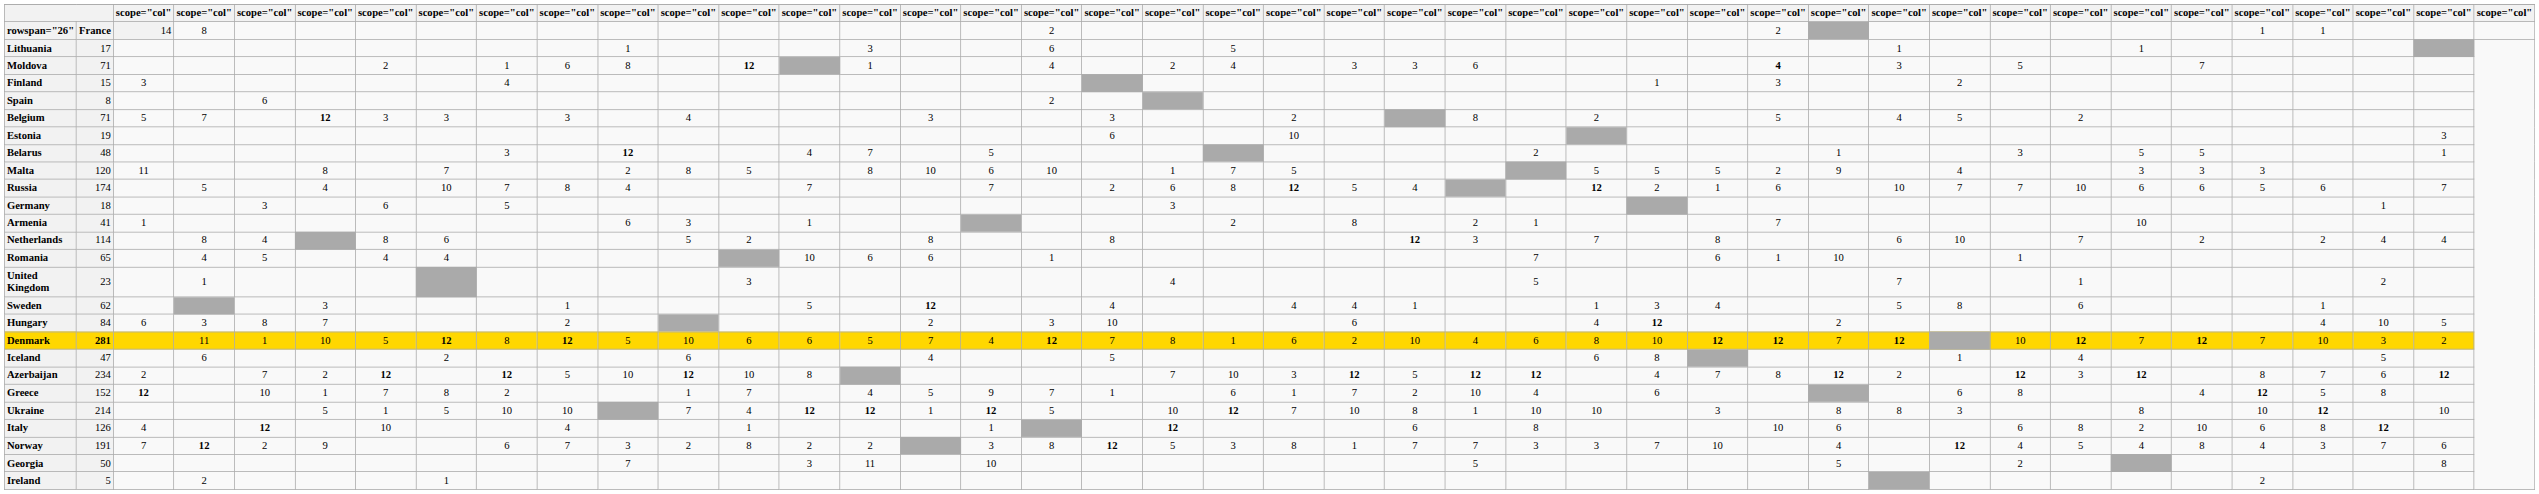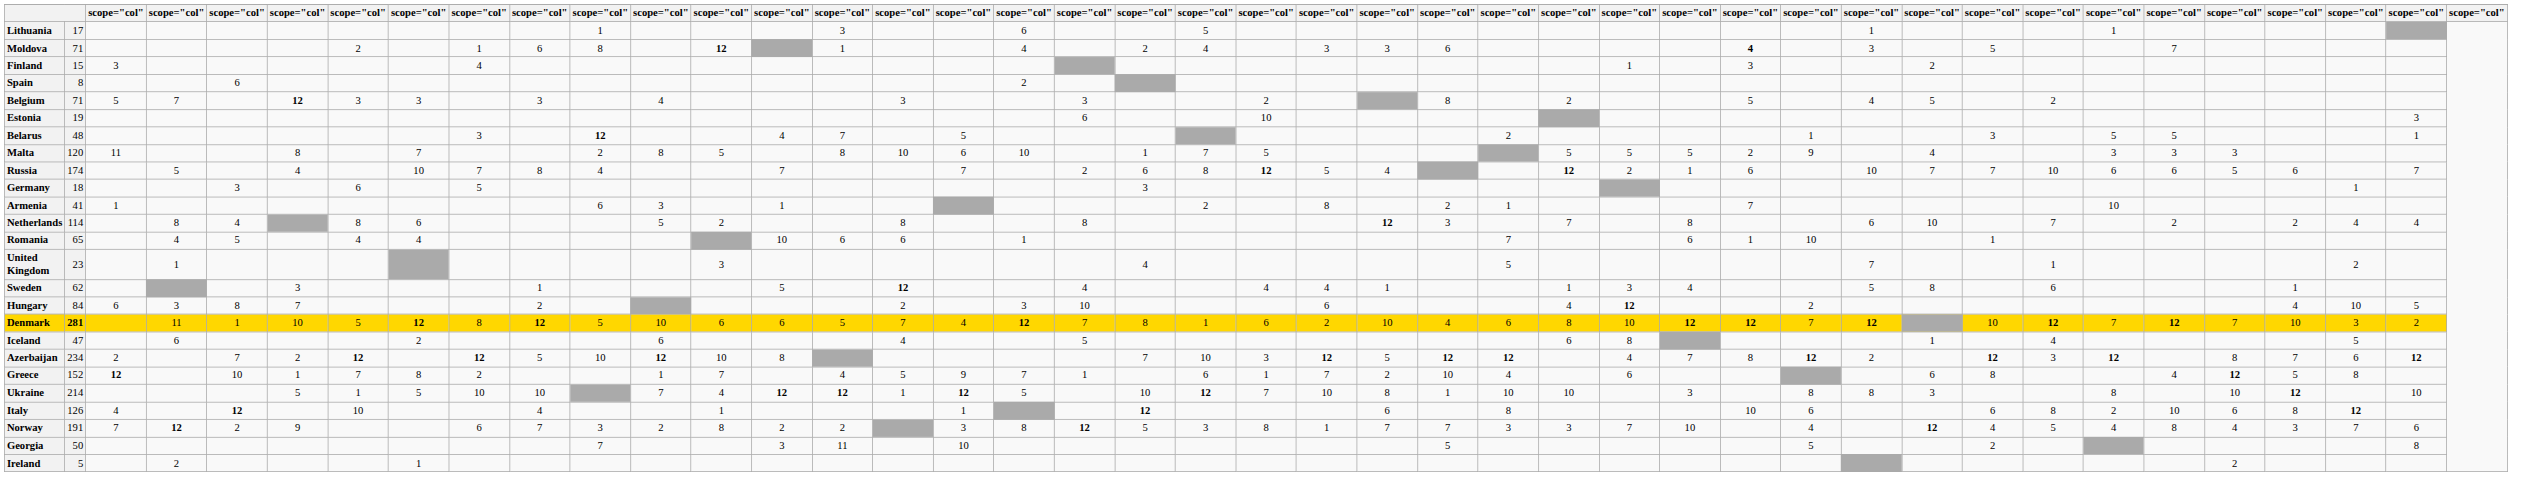 <table class="wikitable plainrowheaders" style="text-align:center; font-size:85%;">
 <tr>
 </tr>
 <tr>
 <th colspan="2"></th>
 <th>scope="col" </th>
 <th>scope="col" </th>
 <th>scope="col" </th>
 <th>scope="col" </th>
 <th>scope="col" </th>
 <th>scope="col" </th>
 <th>scope="col" </th>
 <th>scope="col" </th>
 <th>scope="col" </th>
 <th>scope="col" </th>
 <th>scope="col" </th>
 <th>scope="col" </th>
 <th>scope="col" </th>
 <th>scope="col" </th>
 <th>scope="col" </th>
 <th>scope="col" </th>
 <th>scope="col" </th>
 <th>scope="col" </th>
 <th>scope="col" </th>
 <th>scope="col" </th>
 <th>scope="col" </th>
 <th>scope="col" </th>
 <th>scope="col" </th>
 <th>scope="col" </th>
 <th>scope="col" </th>
 <th>scope="col" </th>
 <th>scope="col" </th>
 <th>scope="col" </th>
 <th>scope="col" </th>
 <th>scope="col" </th>
 <th>scope="col" </th>
 <th>scope="col" </th>
 <th>scope="col" </th>
 <th>scope="col" </th>
 <th>scope="col" </th>
 <th>scope="col" </th>
 <th>scope="col" </th>
 <th>scope="col" </th>
 <th>scope="col" </th>
 <th>scope="col" </th>
-</tr>
-<tr>
-<th>rowspan="26" </th>
-<th scope="row" style="text-align:left; background:#f2f2f2;">France</th>
-<td style="text-align:right; background:#f2f2f2;">14</td>
-<td>8</td>
-<td></td>
-<td></td>
-<td></td>
-<td></td>
-<td></td>
-<td></td>
-<td></td>
-<td></td>
-<td></td>
-<td></td>
-<td></td>
-<td></td>
-<td></td>
-<td>2</td>
-<td></td>
-<td></td>
-<td></td>
-<td></td>
-<td></td>
-<td></td>
-<td></td>
-<td></td>
-<td></td>
-<td></td>
-<td></td>
-<td>2</td>
-<td style="text-align:left; background:#aaa;"></td>
-<td></td>
-<td></td>
-<td></td>
-<td></td>
-<td></td>
-<td></td>
-<td>1</td>
-<td>1</td>
-<td></td>
-<td></td>
-<td></td>
 </tr>
 <tr>
 <th scope="row" style="text-align:left; background:#f2f2f2;">Lithuania</th>
 <td style="text-align:right; background:#f2f2f2;">17</td>
 <td></td>
 <td></td>
 <td></td>
 <td></td>
 <td></td>
 <td></td>
 <td></td>
 <td></td>
 <td>1</td>
 <td></td>
 <td></td>
 <td></td>
 <td>3</td>
 <td></td>
 <td></td>
 <td>6</td>
 <td></td>
 <td></td>
 <td>5</td>
 <td></td>
 <td></td>
 <td></td>
 <td></td>
 <td></td>
 <td></td>
 <td></td>
 <td></td>
 <td></td>
 <td></td>
 <td>1</td>
 <td></td>
 <td></td>
 <td></td>
 <td>1</td>
 <td></td>
 <td></td>
 <td></td>
 <td></td>
 <td style="text-align:left; background:#aaa;"></td>
 </tr>
 <tr>
 <th scope="row" style="text-align:left; background:#f2f2f2;">Moldova</th>
 <td style="text-align:right; background:#f2f2f2;">71</td>
 <td></td>
 <td></td>
 <td></td>
 <td></td>
 <td>2</td>
 <td></td>
 <td>1</td>
 <td>6</td>
 <td>8</td>
 <td></td>
 <td><strong>12</strong></td>
 <td style="text-align:left; background:#aaa;"></td>
 <td>1</td>
 <td></td>
 <td></td>
 <td>4</td>
 <td></td>
 <td>2</td>
 <td>4</td>
 <td></td>
 <td>3</td>
 <td>3</td>
 <td>6</td>
 <td></td>
 <td></td>
 <td></td>
 <td></td>
 <td><strong>4</strong></td>
 <td></td>
 <td>3</td>
 <td></td>
 <td>5</td>
 <td></td>
 <td></td>
 <td>7</td>
 <td></td>
 <td></td>
 <td></td>
 <td></td>
 </tr>
 <tr>
 <th scope="row" style="text-align:left; background:#f2f2f2;">Finland</th>
 <td style="text-align:right; background:#f2f2f2;">15</td>
 <td>3</td>
 <td></td>
 <td></td>
 <td></td>
 <td></td>
 <td></td>
 <td>4</td>
 <td></td>
 <td></td>
 <td></td>
 <td></td>
 <td></td>
 <td></td>
 <td></td>
 <td></td>
 <td></td>
 <td style="text-align:left; background:#aaa;"></td>
 <td></td>
 <td></td>
 <td></td>
 <td></td>
 <td></td>
 <td></td>
 <td></td>
 <td></td>
 <td>1</td>
 <td></td>
 <td>3</td>
 <td></td>
 <td></td>
 <td>2</td>
 <td></td>
 <td></td>
 <td></td>
 <td></td>
 <td></td>
 <td></td>
 <td></td>
 <td></td>
 </tr>
 <tr>
 <th scope="row" style="text-align:left; background:#f2f2f2;">Spain</th>
 <td style="text-align:right; background:#f2f2f2;">8</td>
 <td></td>
 <td></td>
 <td>6</td>
 <td></td>
 <td></td>
 <td></td>
 <td></td>
 <td></td>
 <td></td>
 <td></td>
 <td></td>
 <td></td>
 <td></td>
 <td></td>
 <td></td>
 <td>2</td>
 <td></td>
 <td style="text-align:left; background:#aaa;"></td>
 <td></td>
 <td></td>
 <td></td>
 <td></td>
 <td></td>
 <td></td>
 <td></td>
 <td></td>
 <td></td>
 <td></td>
 <td></td>
 <td></td>
 <td></td>
 <td></td>
 <td></td>
 <td></td>
 <td></td>
 <td></td>
 <td></td>
 <td></td>
 <td></td>
 </tr>
 <tr>
 <th scope="row" style="text-align:left; background:#f2f2f2;">Belgium</th>
 <td style="text-align:right; background:#f2f2f2;">71</td>
 <td>5</td>
 <td>7</td>
 <td></td>
 <td><strong>12</strong></td>
 <td>3</td>
 <td>3</td>
 <td></td>
 <td>3</td>
 <td></td>
 <td>4</td>
 <td></td>
 <td></td>
 <td></td>
 <td>3</td>
 <td></td>
 <td></td>
 <td>3</td>
 <td></td>
 <td></td>
 <td>2</td>
 <td></td>
 <td style="text-align:left; background:#aaa;"></td>
 <td>8</td>
 <td></td>
 <td>2</td>
 <td></td>
 <td></td>
 <td>5</td>
 <td></td>
 <td>4</td>
 <td>5</td>
 <td></td>
 <td>2</td>
 <td></td>
 <td></td>
 <td></td>
 <td></td>
 <td></td>
 <td></td>
 </tr>
 <tr>
 <th scope="row" style="text-align:left; background:#f2f2f2;">Estonia</th>
 <td style="text-align:right; background:#f2f2f2;">19</td>
 <td></td>
 <td></td>
 <td></td>
 <td></td>
 <td></td>
 <td></td>
 <td></td>
 <td></td>
 <td></td>
 <td></td>
 <td></td>
 <td></td>
 <td></td>
 <td></td>
 <td></td>
 <td></td>
 <td>6</td>
 <td></td>
 <td></td>
 <td>10</td>
 <td></td>
 <td></td>
 <td></td>
 <td></td>
 <td style="text-align:left; background:#aaa;"></td>
 <td></td>
 <td></td>
 <td></td>
 <td></td>
 <td></td>
 <td></td>
 <td></td>
 <td></td>
 <td></td>
 <td></td>
 <td></td>
 <td></td>
 <td></td>
 <td>3</td>
 </tr>
 <tr>
 <th scope="row" style="text-align:left; background:#f2f2f2;">Belarus</th>
 <td style="text-align:right; background:#f2f2f2;">48</td>
 <td></td>
 <td></td>
 <td></td>
 <td></td>
 <td></td>
 <td></td>
 <td>3</td>
 <td></td>
 <td><strong>12</strong></td>
 <td></td>
 <td></td>
 <td>4</td>
 <td>7</td>
 <td></td>
 <td>5</td>
 <td></td>
 <td></td>
 <td></td>
 <td style="text-align:left; background:#aaa;"></td>
 <td></td>
 <td></td>
 <td></td>
 <td></td>
 <td>2</td>
 <td></td>
 <td></td>
 <td></td>
 <td></td>
 <td>1</td>
 <td></td>
 <td></td>
 <td>3</td>
 <td></td>
 <td>5</td>
 <td>5</td>
 <td></td>
 <td></td>
 <td></td>
 <td>1</td>
 </tr>
 <tr>
 <th scope="row" style="text-align:left; background:#f2f2f2;">Malta</th>
 <td style="text-align:right; background:#f2f2f2;">120</td>
 <td>11</td>
 <td></td>
 <td></td>
 <td>8</td>
 <td></td>
 <td>7</td>
 <td></td>
 <td></td>
 <td>2</td>
 <td>8</td>
 <td>5</td>
 <td></td>
 <td>8</td>
 <td>10</td>
 <td>6</td>
 <td>10</td>
 <td></td>
 <td>1</td>
 <td>7</td>
 <td>5</td>
 <td></td>
 <td></td>
 <td></td>
 <td style="text-align:left; background:#aaa;"></td>
 <td>5</td>
 <td>5</td>
 <td>5</td>
 <td>2</td>
 <td>9</td>
 <td></td>
 <td>4</td>
 <td></td>
 <td></td>
 <td>3</td>
 <td>3</td>
 <td>3</td>
 <td></td>
 <td></td>
 <td></td>
 </tr>
 <tr>
 <th scope="row" style="text-align:left; background:#f2f2f2;">Russia</th>
 <td style="text-align:right; background:#f2f2f2;">174</td>
 <td></td>
 <td>5</td>
 <td></td>
 <td>4</td>
 <td></td>
 <td>10</td>
 <td>7</td>
 <td>8</td>
 <td>4</td>
 <td></td>
 <td></td>
 <td>7</td>
 <td></td>
 <td></td>
 <td>7</td>
 <td></td>
 <td>2</td>
 <td>6</td>
 <td>8</td>
 <td><strong>12</strong></td>
 <td>5</td>
 <td>4</td>
 <td style="text-align:left; background:#aaa;"></td>
 <td></td>
 <td><strong>12</strong></td>
 <td>2</td>
 <td>1</td>
 <td>6</td>
 <td></td>
 <td>10</td>
 <td>7</td>
 <td>7</td>
 <td>10</td>
 <td>6</td>
 <td>6</td>
 <td>5</td>
 <td>6</td>
 <td></td>
 <td>7</td>
 </tr>
 <tr>
 <th scope="row" style="text-align:left; background:#f2f2f2;">Germany</th>
 <td style="text-align:right; background:#f2f2f2;">18</td>
 <td></td>
 <td></td>
 <td>3</td>
 <td></td>
 <td>6</td>
 <td></td>
 <td>5</td>
 <td></td>
 <td></td>
 <td></td>
 <td></td>
 <td></td>
 <td></td>
 <td></td>
 <td></td>
 <td></td>
 <td></td>
 <td>3</td>
 <td></td>
 <td></td>
 <td></td>
 <td></td>
 <td></td>
 <td></td>
 <td></td>
 <td style="text-align:left; background:#aaa;"></td>
 <td></td>
 <td></td>
 <td></td>
 <td></td>
 <td></td>
 <td></td>
 <td></td>
 <td></td>
 <td></td>
 <td></td>
 <td></td>
 <td>1</td>
 <td></td>
 </tr>
 <tr>
 <th scope="row" style="text-align:left; background:#f2f2f2;">Armenia</th>
 <td style="text-align:right; background:#f2f2f2;">41</td>
 <td>1</td>
 <td></td>
 <td></td>
 <td></td>
 <td></td>
 <td></td>
 <td></td>
 <td></td>
 <td>6</td>
 <td>3</td>
 <td></td>
 <td>1</td>
 <td></td>
 <td></td>
 <td style="text-align:left; background:#aaa;"></td>
 <td></td>
 <td></td>
 <td></td>
 <td>2</td>
 <td></td>
 <td>8</td>
 <td></td>
 <td>2</td>
 <td>1</td>
 <td></td>
 <td></td>
 <td></td>
 <td>7</td>
 <td></td>
 <td></td>
 <td></td>
 <td></td>
 <td></td>
 <td>10</td>
 <td></td>
 <td></td>
 <td></td>
 <td></td>
 <td></td>
 </tr>
 <tr>
 <th scope="row" style="text-align:left; background:#f2f2f2;">Netherlands</th>
 <td style="text-align:right; background:#f2f2f2;">114</td>
 <td></td>
 <td>8</td>
 <td>4</td>
 <td style="text-align:left; background:#aaa;"></td>
 <td>8</td>
 <td>6</td>
 <td></td>
 <td></td>
 <td></td>
 <td>5</td>
 <td>2</td>
 <td></td>
 <td></td>
 <td>8</td>
 <td></td>
 <td></td>
 <td>8</td>
 <td></td>
 <td></td>
 <td></td>
 <td></td>
 <td><strong>12</strong></td>
 <td>3</td>
 <td></td>
 <td>7</td>
 <td></td>
 <td>8</td>
 <td></td>
 <td></td>
 <td>6</td>
 <td>10</td>
 <td></td>
 <td>7</td>
 <td></td>
 <td>2</td>
 <td></td>
 <td>2</td>
 <td>4</td>
 <td>4</td>
 </tr>
 <tr>
 <th scope="row" style="text-align:left; background:#f2f2f2;">Romania</th>
 <td style="text-align:right; background:#f2f2f2;">65</td>
 <td></td>
 <td>4</td>
 <td>5</td>
 <td></td>
 <td>4</td>
 <td>4</td>
 <td></td>
 <td></td>
 <td></td>
 <td></td>
 <td style="text-align:left; background:#aaa;"></td>
 <td>10</td>
 <td>6</td>
 <td>6</td>
 <td></td>
 <td>1</td>
 <td></td>
 <td></td>
 <td></td>
 <td></td>
 <td></td>
 <td></td>
 <td></td>
 <td>7</td>
 <td></td>
 <td></td>
 <td>6</td>
 <td>1</td>
 <td>10</td>
 <td></td>
 <td></td>
 <td>1</td>
 <td></td>
 <td></td>
 <td></td>
 <td></td>
 <td></td>
 <td></td>
 <td></td>
 </tr>
 <tr>
 <th scope="row" style="text-align:left; background:#f2f2f2;">United Kingdom</th>
 <td style="text-align:right; background:#f2f2f2;">23</td>
 <td></td>
 <td>1</td>
 <td></td>
 <td></td>
 <td></td>
 <td style="text-align:left; background:#aaa;"></td>
 <td></td>
 <td></td>
 <td></td>
 <td></td>
 <td>3</td>
 <td></td>
 <td></td>
 <td></td>
 <td></td>
 <td></td>
 <td></td>
 <td>4</td>
 <td></td>
 <td></td>
 <td></td>
 <td></td>
 <td></td>
 <td>5</td>
 <td></td>
 <td></td>
 <td></td>
 <td></td>
 <td></td>
 <td>7</td>
 <td></td>
 <td></td>
 <td>1</td>
 <td></td>
 <td></td>
 <td></td>
 <td></td>
 <td>2</td>
 <td></td>
 </tr>
 <tr>
 <th scope="row" style="text-align:left; background:#f2f2f2;">Sweden</th>
 <td style="text-align:right; background:#f2f2f2;">62</td>
 <td></td>
 <td style="text-align:left; background:#aaa;"></td>
 <td></td>
 <td>3</td>
 <td></td>
 <td></td>
 <td></td>
 <td>1</td>
 <td></td>
 <td></td>
 <td></td>
 <td>5</td>
 <td></td>
 <td><strong>12</strong></td>
 <td></td>
 <td></td>
 <td>4</td>
 <td></td>
 <td></td>
 <td>4</td>
 <td>4</td>
 <td>1</td>
 <td></td>
 <td></td>
 <td>1</td>
 <td>3</td>
 <td>4</td>
 <td></td>
 <td></td>
 <td>5</td>
 <td>8</td>
 <td></td>
 <td>6</td>
 <td></td>
 <td></td>
 <td></td>
 <td>1</td>
 <td></td>
 <td></td>
 </tr>
 <tr>
 <th scope="row" style="text-align:left; background:#f2f2f2;">Hungary</th>
 <td style="text-align:right; background:#f2f2f2;">84</td>
 <td>6</td>
 <td>3</td>
 <td>8</td>
 <td>7</td>
 <td></td>
 <td></td>
 <td></td>
 <td>2</td>
 <td></td>
 <td style="text-align:left; background:#aaa;"></td>
 <td></td>
 <td></td>
 <td></td>
 <td>2</td>
 <td></td>
 <td>3</td>
 <td>10</td>
 <td></td>
 <td></td>
 <td></td>
 <td>6</td>
 <td></td>
 <td></td>
 <td></td>
 <td>4</td>
 <td><strong>12</strong></td>
 <td></td>
 <td></td>
 <td>2</td>
 <td></td>
 <td></td>
 <td></td>
 <td></td>
 <td></td>
 <td></td>
 <td></td>
 <td>4</td>
 <td>10</td>
 <td>5</td>
 </tr>
 <tr style="background:gold;">
 <th scope="row" style="text-align:left; font-weight:bold; background:gold;">Denmark</th>
 <td style="text-align:right; font-weight:bold;">281</td>
 <td></td>
 <td>11</td>
 <td>1</td>
 <td>10</td>
 <td>5</td>
 <td><strong>12</strong></td>
 <td>8</td>
 <td><strong>12</strong></td>
 <td>5</td>
 <td>10</td>
 <td>6</td>
 <td>6</td>
 <td>5</td>
 <td>7</td>
 <td>4</td>
 <td><strong>12</strong></td>
 <td>7</td>
 <td>8</td>
 <td>1</td>
 <td>6</td>
 <td>2</td>
 <td>10</td>
 <td>4</td>
 <td>6</td>
 <td>8</td>
 <td>10</td>
 <td><strong>12</strong></td>
 <td><strong>12</strong></td>
 <td>7</td>
 <td><strong>12</strong></td>
 <td style="text-align:left; background:#aaa;"></td>
 <td>10</td>
 <td><strong>12</strong></td>
 <td>7</td>
 <td><strong>12</strong></td>
 <td>7</td>
 <td>10</td>
 <td>3</td>
 <td>2</td>
 </tr>
 <tr>
 <th scope="row" style="text-align:left; background:#f2f2f2;">Iceland</th>
 <td style="text-align:right; background:#f2f2f2;">47</td>
 <td></td>
 <td>6</td>
 <td></td>
 <td></td>
 <td></td>
 <td>2</td>
 <td></td>
 <td></td>
 <td></td>
 <td>6</td>
 <td></td>
 <td></td>
 <td></td>
 <td>4</td>
 <td></td>
 <td></td>
 <td>5</td>
 <td></td>
 <td></td>
 <td></td>
 <td></td>
 <td></td>
 <td></td>
 <td></td>
 <td>6</td>
 <td>8</td>
 <td style="text-align:left; background:#aaa;"></td>
 <td></td>
 <td></td>
 <td></td>
 <td>1</td>
 <td></td>
 <td>4</td>
 <td></td>
 <td></td>
 <td></td>
 <td></td>
 <td>5</td>
 <td></td>
 </tr>
 <tr>
 <th scope="row" style="text-align:left; background:#f2f2f2;">Azerbaijan</th>
 <td style="text-align:right; background:#f2f2f2;">234</td>
 <td>2</td>
 <td></td>
 <td>7</td>
 <td>2</td>
 <td><strong>12</strong></td>
 <td></td>
 <td><strong>12</strong></td>
 <td>5</td>
 <td>10</td>
 <td><strong>12</strong></td>
 <td>10</td>
 <td>8</td>
 <td style="text-align:left; background:#aaa;"></td>
 <td></td>
 <td></td>
 <td></td>
 <td></td>
 <td>7</td>
 <td>10</td>
 <td>3</td>
 <td><strong>12</strong></td>
 <td>5</td>
 <td><strong>12</strong></td>
 <td><strong>12</strong></td>
 <td></td>
 <td>4</td>
 <td>7</td>
 <td>8</td>
 <td><strong>12</strong></td>
 <td>2</td>
 <td></td>
 <td><strong>12</strong></td>
 <td>3</td>
 <td><strong>12</strong></td>
 <td></td>
 <td>8</td>
 <td>7</td>
 <td>6</td>
 <td><strong>12</strong></td>
 </tr>
 <tr>
 <th scope="row" style="text-align:left; background:#f2f2f2;">Greece</th>
 <td style="text-align:right; background:#f2f2f2;">152</td>
 <td><strong>12</strong></td>
 <td></td>
 <td>10</td>
 <td>1</td>
 <td>7</td>
 <td>8</td>
 <td>2</td>
 <td></td>
 <td></td>
 <td>1</td>
 <td>7</td>
 <td></td>
 <td>4</td>
 <td>5</td>
 <td>9</td>
 <td>7</td>
 <td>1</td>
 <td></td>
 <td>6</td>
 <td>1</td>
 <td>7</td>
 <td>2</td>
 <td>10</td>
 <td>4</td>
 <td></td>
 <td>6</td>
 <td></td>
 <td></td>
 <td style="text-align:left; background:#aaa;"></td>
 <td></td>
 <td>6</td>
 <td>8</td>
 <td></td>
 <td></td>
 <td>4</td>
 <td><strong>12</strong></td>
 <td>5</td>
 <td>8</td>
 <td></td>
 </tr>
 <tr>
 <th scope="row" style="text-align:left; background:#f2f2f2;">Ukraine</th>
 <td style="text-align:right; background:#f2f2f2;">214</td>
 <td></td>
 <td></td>
 <td></td>
 <td>5</td>
 <td>1</td>
 <td>5</td>
 <td>10</td>
 <td>10</td>
 <td style="text-align:left; background:#aaa;"></td>
 <td>7</td>
 <td>4</td>
 <td><strong>12</strong></td>
 <td><strong>12</strong></td>
 <td>1</td>
 <td><strong>12</strong></td>
 <td>5</td>
 <td></td>
 <td>10</td>
 <td><strong>12</strong></td>
 <td>7</td>
 <td>10</td>
 <td>8</td>
 <td>1</td>
 <td>10</td>
 <td>10</td>
 <td></td>
 <td>3</td>
 <td></td>
 <td>8</td>
 <td>8</td>
 <td>3</td>
 <td></td>
 <td></td>
 <td>8</td>
 <td></td>
 <td>10</td>
 <td><strong>12</strong></td>
 <td></td>
 <td>10</td>
 </tr>
 <tr>
 <th scope="row" style="text-align:left; background:#f2f2f2;">Italy</th>
 <td style="text-align:right; background:#f2f2f2;">126</td>
 <td>4</td>
 <td></td>
 <td><strong>12</strong></td>
 <td></td>
 <td>10</td>
 <td></td>
 <td></td>
 <td>4</td>
 <td></td>
 <td></td>
 <td>1</td>
 <td></td>
 <td></td>
 <td></td>
 <td>1</td>
 <td style="text-align:left; background:#aaa;"></td>
 <td></td>
 <td><strong>12</strong></td>
 <td></td>
 <td></td>
 <td></td>
 <td>6</td>
 <td></td>
 <td>8</td>
 <td></td>
 <td></td>
 <td></td>
 <td>10</td>
 <td>6</td>
 <td></td>
 <td></td>
 <td>6</td>
 <td>8</td>
 <td>2</td>
 <td>10</td>
 <td>6</td>
 <td>8</td>
 <td><strong>12</strong></td>
 <td></td>
 </tr>
 <tr>
 <th scope="row" style="text-align:left; background:#f2f2f2;">Norway</th>
 <td style="text-align:right; background:#f2f2f2;">191</td>
 <td>7</td>
 <td><strong>12</strong></td>
 <td>2</td>
 <td>9</td>
 <td></td>
 <td></td>
 <td>6</td>
 <td>7</td>
 <td>3</td>
 <td>2</td>
 <td>8</td>
 <td>2</td>
 <td>2</td>
 <td style="text-align:left; background:#aaa;"></td>
 <td>3</td>
 <td>8</td>
 <td><strong>12</strong></td>
 <td>5</td>
 <td>3</td>
 <td>8</td>
 <td>1</td>
 <td>7</td>
 <td>7</td>
 <td>3</td>
 <td>3</td>
 <td>7</td>
 <td>10</td>
 <td></td>
 <td>4</td>
 <td></td>
 <td><strong>12</strong></td>
 <td>4</td>
 <td>5</td>
 <td>4</td>
 <td>8</td>
 <td>4</td>
 <td>3</td>
 <td>7</td>
 <td>6</td>
 </tr>
 <tr>
 <th scope="row" style="text-align:left; background:#f2f2f2;">Georgia</th>
 <td style="text-align:right; background:#f2f2f2;">50</td>
 <td></td>
 <td></td>
 <td></td>
 <td></td>
 <td></td>
 <td></td>
 <td></td>
 <td></td>
 <td>7</td>
 <td></td>
 <td></td>
 <td>3</td>
 <td>11</td>
 <td></td>
 <td>10</td>
 <td></td>
 <td></td>
 <td></td>
 <td></td>
 <td></td>
 <td></td>
 <td></td>
 <td>5</td>
 <td></td>
 <td></td>
 <td></td>
 <td></td>
 <td></td>
 <td>5</td>
 <td></td>
 <td></td>
 <td>2</td>
 <td></td>
 <td style="text-align:left; background:#aaa;"></td>
 <td></td>
 <td></td>
 <td></td>
 <td></td>
 <td>8</td>
 </tr>
 <tr>
 <th scope="row" style="text-align:left; background:#f2f2f2;">Ireland</th>
 <td style="text-align:right; background:#f2f2f2;">5</td>
 <td></td>
 <td>2</td>
 <td></td>
 <td></td>
 <td></td>
 <td>1</td>
 <td></td>
 <td></td>
 <td></td>
 <td></td>
 <td></td>
 <td></td>
 <td></td>
 <td></td>
 <td></td>
 <td></td>
 <td></td>
 <td></td>
 <td></td>
 <td></td>
 <td></td>
 <td></td>
 <td></td>
 <td></td>
 <td></td>
 <td></td>
 <td></td>
 <td></td>
 <td></td>
 <td style="text-align:left; background:#aaa;"></td>
 <td></td>
 <td></td>
 <td></td>
 <td></td>
 <td></td>
 <td>2</td>
 <td></td>
 <td></td>
 <td></td>
 </tr>
 </table>
